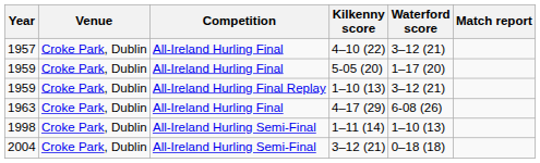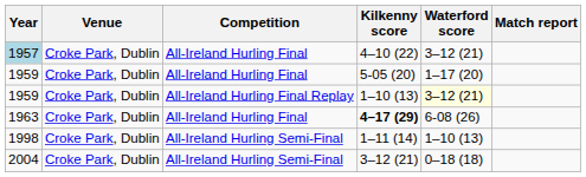 <table class="wikitable">
 <tr>
 <th style="width:30px; text-align:center;">Year</th>
 <th>Venue</th>
 <th>Competition</th>
 <th>Kilkenny <br> score</th>
 <th>Waterford <br> score</th>
 <th>Match report</th>
 </tr>
 <tr>
-<td>1957</td>
+<td style="background: lightblue;">1957</td>
 <td><a href='#'>Croke Park</a>, Dublin</td>
 <td><a href='#'>All-Ireland Hurling Final</a></td>
 <td>4–10 (22)</td>
 <td>3–12 (21)</td>
 <td></td>
 </tr>
 <tr>
 <td>1959</td>
 <td><a href='#'>Croke Park</a>, Dublin</td>
 <td><a href='#'>All-Ireland Hurling Final</a></td>
 <td>5-05 (20)</td>
 <td>1–17 (20)</td>
 <td></td>
 </tr>
 <tr>
 <td>1959</td>
 <td><a href='#'>Croke Park</a>, Dublin</td>
 <td><a href='#'>All-Ireland Hurling Final Replay</a></td>
 <td>1–10 (13)</td>
-<td>3–12 (21)</td>
+<td style="background: lightyellow;">3–12 (21)</td>
 <td></td>
 </tr>
 <tr>
 <td>1963</td>
 <td><a href='#'>Croke Park</a>, Dublin</td>
 <td><a href='#'>All-Ireland Hurling Final</a></td>
-<td>4–17 (29)</td>
+<td><strong>4–17 (29)</strong></td>
 <td>6-08 (26)</td>
 <td></td>
 </tr>
 <tr>
 <td>1998</td>
 <td><a href='#'>Croke Park</a>, Dublin</td>
 <td><a href='#'>All-Ireland Hurling Semi-Final</a></td>
 <td>1–11 (14)</td>
 <td>1–10 (13)</td>
 <td></td>
 </tr>
 <tr>
 <td>2004</td>
 <td><a href='#'>Croke Park</a>, Dublin</td>
 <td><a href='#'>All-Ireland Hurling Semi-Final</a></td>
 <td>3–12 (21)</td>
 <td>0–18 (18)</td>
 <td></td>
 </tr>
 </table>
